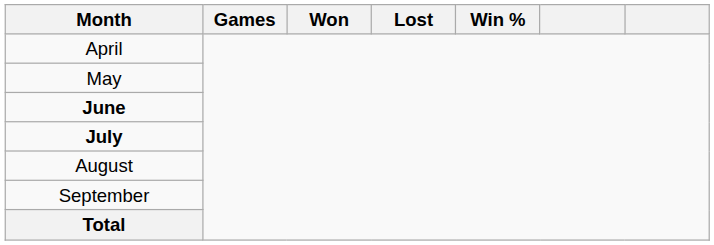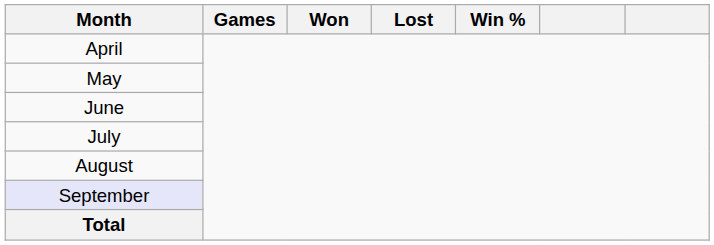 <table class="wikitable" style="margin:1em auto; font-size:95%; text-align:center; width:38em;">
 <tr>
 <th width="28%">Month</th>
 <th width="12%">Games</th>
 <th width="12%">Won</th>
 <th width="12%">Lost</th>
 <th width="12%">Win %</th>
 <th width="12%"></th>
 <th width="12%"></th>
 </tr>
 <tr>
 <td>April</td>
 </tr>
 <tr>
 <td>May</td>
 </tr>
 <tr>
-<td><strong>June</strong></td>
+<td>June</td>
 </tr>
 <tr>
-<td><strong>July</strong></td>
+<td>July</td>
 </tr>
 <tr>
 <td>August</td>
 </tr>
 <tr>
-<td>September</td>
+<td style="background: lavender;">September</td>
 </tr>
 <tr>
 <th>Total</th>
 </tr>
 </table>
